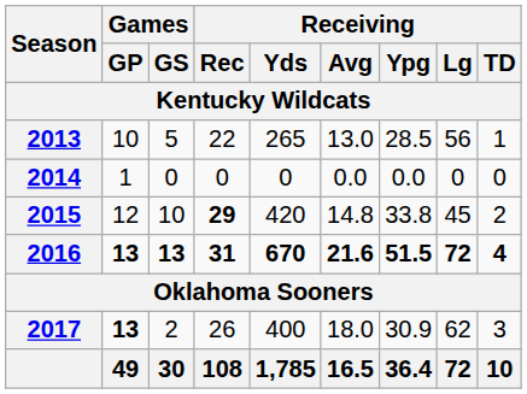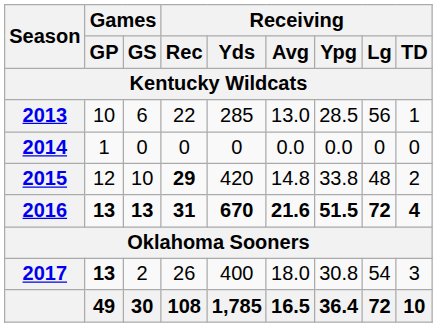 <table class="wikitable" style="text-align:center;">
 <tr>
 <th rowspan="2">Season</th>
 <th colspan="2">Games</th>
 <th colspan="6">Receiving</th>
 </tr>
 <tr>
 <th>GP</th>
 <th>GS</th>
 <th>Rec</th>
 <th>Yds</th>
 <th>Avg</th>
 <th>Ypg</th>
 <th>Lg</th>
 <th>TD</th>
 </tr>
 <tr>
 <th colspan="10">Kentucky Wildcats</th>
 </tr>
 <tr>
 <th><a href='#'>2013</a></th>
 <td>10</td>
-<td>5</td>
+<td>6</td>
 <td>22</td>
-<td>265</td>
+<td>285</td>
 <td>13.0</td>
 <td>28.5</td>
 <td>56</td>
 <td>1</td>
 </tr>
 <tr>
 <th><a href='#'>2014</a></th>
 <td>1</td>
 <td>0</td>
 <td>0</td>
 <td>0</td>
 <td>0.0</td>
 <td>0.0</td>
 <td>0</td>
 <td>0</td>
 </tr>
 <tr>
 <th><a href='#'>2015</a></th>
 <td>12</td>
 <td>10</td>
 <td><strong>29</strong></td>
 <td>420</td>
 <td>14.8</td>
 <td>33.8</td>
-<td>45</td>
+<td>48</td>
 <td>2</td>
 </tr>
 <tr>
 <th><a href='#'>2016</a></th>
 <td><strong>13</strong></td>
 <td><strong>13</strong></td>
 <td><strong>31</strong></td>
 <td><strong>670</strong></td>
 <td><strong>21.6</strong></td>
 <td><strong>51.5</strong></td>
 <td><strong>72</strong></td>
 <td><strong>4</strong></td>
 </tr>
 <tr>
 <th colspan="10">Oklahoma Sooners</th>
 </tr>
 <tr>
 <th><a href='#'>2017</a></th>
 <td><strong>13</strong></td>
 <td>2</td>
 <td>26</td>
 <td>400</td>
 <td>18.0</td>
-<td>30.9</td>
-<td>62</td>
+<td>30.8</td>
+<td>54</td>
 <td>3</td>
 </tr>
 <tr>
 <th></th>
 <th>49</th>
 <th>30</th>
 <th>108</th>
 <th>1,785</th>
 <th>16.5</th>
 <th>36.4</th>
 <th>72</th>
 <th>10</th>
 </tr>
 </table>
